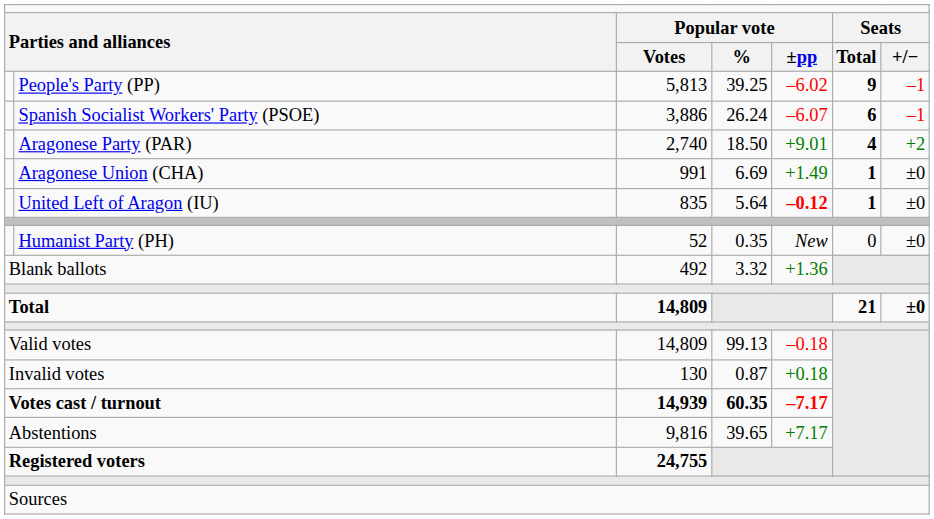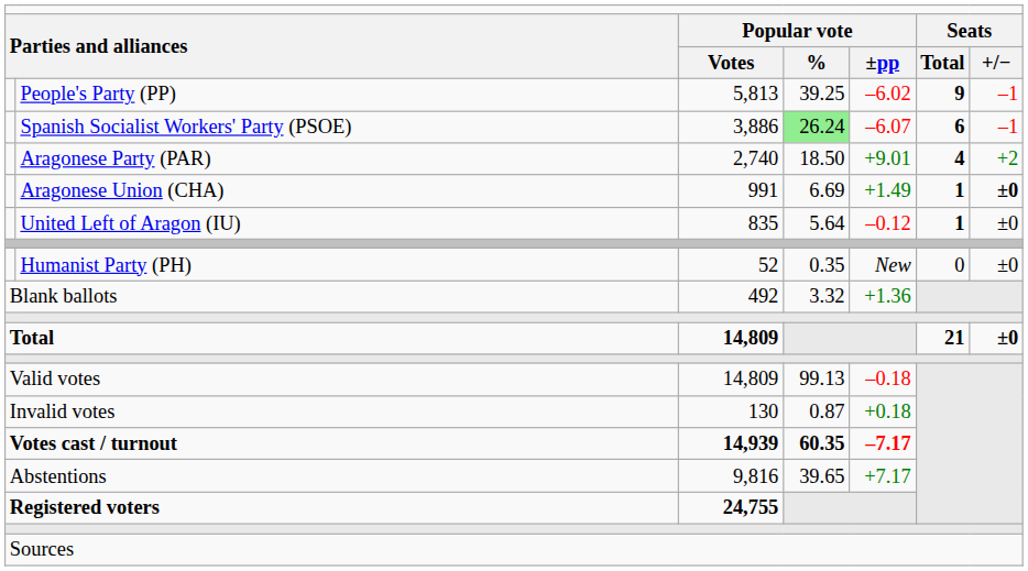 <table class="wikitable" style="text-align:right;">
 <tr>
 <td colspan="7"></td>
 </tr>
 <tr>
 <th style="text-align:left;" rowspan="2" colspan="2" width="525">Parties and alliances</th>
 <th colspan="3">Popular vote</th>
 <th colspan="2">Seats</th>
 </tr>
 <tr>
 <th width="75">Votes</th>
 <th width="45">%</th>
 <th width="45">±<a href='#'>pp</a></th>
 <th width="35">Total</th>
 <th width="35">+/−</th>
 </tr>
 <tr>
 <td width="1" style="color:inherit;background:"></td>
 <td align="left"><a href='#'>People's Party</a> (PP)</td>
 <td>5,813</td>
 <td>39.25</td>
 <td style="color:red;">–6.02</td>
 <td><strong>9</strong></td>
 <td style="color:red;">–1</td>
 </tr>
 <tr>
 <td style="color:inherit;background:"></td>
 <td align="left"><a href='#'>Spanish Socialist Workers' Party</a> (PSOE)</td>
 <td>3,886</td>
-<td>26.24</td>
+<td style="background: lightgreen;">26.24</td>
 <td style="color:red;">–6.07</td>
 <td><strong>6</strong></td>
 <td style="color:red;">–1</td>
 </tr>
 <tr>
 <td style="color:inherit;background:"></td>
 <td align="left"><a href='#'>Aragonese Party</a> (PAR)</td>
 <td>2,740</td>
 <td>18.50</td>
 <td style="color:green;">+9.01</td>
 <td><strong>4</strong></td>
 <td style="color:green;">+2</td>
 </tr>
 <tr>
 <td style="color:inherit;background:"></td>
 <td align="left"><a href='#'>Aragonese Union</a> (CHA)</td>
 <td>991</td>
 <td>6.69</td>
 <td style="color:green;">+1.49</td>
 <td><strong>1</strong></td>
-<td>±0</td>
+<td><strong>±0</strong></td>
 </tr>
 <tr>
 <td style="color:inherit;background:"></td>
 <td align="left"><a href='#'>United Left of Aragon</a> (IU)</td>
 <td>835</td>
 <td>5.64</td>
-<td style="color:red;"><strong>–0.12</strong></td>
+<td style="color:red;">–0.12</td>
 <td><strong>1</strong></td>
 <td>±0</td>
 </tr>
 <tr>
 <td colspan="7" bgcolor="#C0C0C0"></td>
 </tr>
 <tr>
 <td style="color:inherit;background:"></td>
 <td align="left"><a href='#'>Humanist Party</a> (PH)</td>
 <td>52</td>
 <td>0.35</td>
 <td><em>New</em></td>
 <td>0</td>
 <td>±0</td>
 </tr>
 <tr>
 <td align="left" colspan="2">Blank ballots</td>
 <td>492</td>
 <td>3.32</td>
 <td style="color:green;">+1.36</td>
 <td bgcolor="#E9E9E9" colspan="2"></td>
 </tr>
 <tr>
 <td colspan="7" bgcolor="#E9E9E9"></td>
 </tr>
 <tr style="font-weight:bold;">
 <td align="left" colspan="2">Total</td>
 <td>14,809</td>
 <td bgcolor="#E9E9E9" colspan="2"></td>
 <td>21</td>
 <td>±0</td>
 </tr>
 <tr>
 <td colspan="7" bgcolor="#E9E9E9"></td>
 </tr>
 <tr>
 <td align="left" colspan="2">Valid votes</td>
 <td>14,809</td>
 <td>99.13</td>
 <td style="color:red;">–0.18</td>
 <td bgcolor="#E9E9E9" colspan="2" rowspan="5"></td>
 </tr>
 <tr>
 <td align="left" colspan="2">Invalid votes</td>
 <td>130</td>
 <td>0.87</td>
 <td style="color:green;">+0.18</td>
 </tr>
 <tr style="font-weight:bold;">
 <td align="left" colspan="2">Votes cast / turnout</td>
 <td>14,939</td>
 <td>60.35</td>
 <td style="color:red;">–7.17</td>
 </tr>
 <tr>
 <td align="left" colspan="2">Abstentions</td>
 <td>9,816</td>
 <td>39.65</td>
 <td style="color:green;">+7.17</td>
 </tr>
 <tr style="font-weight:bold;">
 <td align="left" colspan="2">Registered voters</td>
 <td>24,755</td>
 <td bgcolor="#E9E9E9" colspan="2"></td>
 </tr>
 <tr>
 <td colspan="7" bgcolor="#E9E9E9"></td>
 </tr>
 <tr>
 <td align="left" colspan="7">Sources</td>
 </tr>
 </table>
